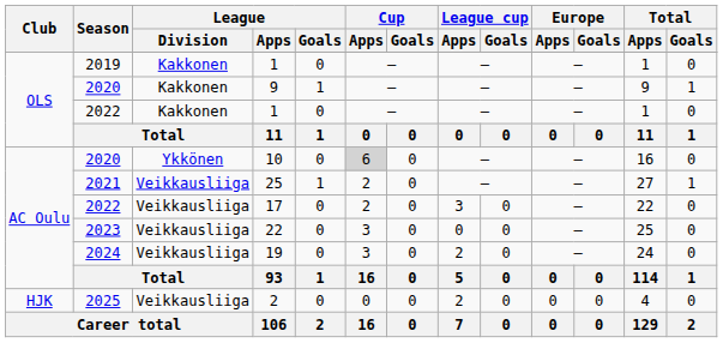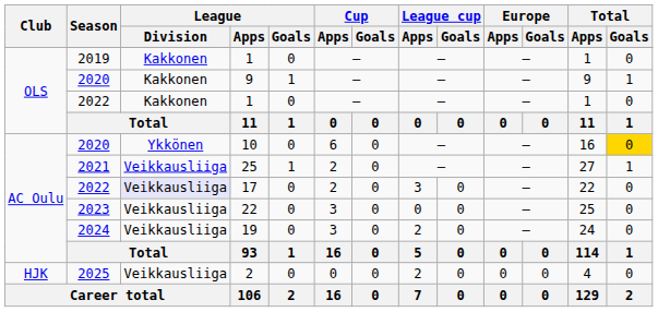 <table class="wikitable" style="text-align:center">
 <tr>
 <th rowspan="2">Club</th>
 <th rowspan="2">Season</th>
 <th colspan="3">League</th>
 <th colspan="2"><a href='#'>Cup</a></th>
 <th colspan="2"><a href='#'>League cup</a></th>
 <th colspan="2">Europe</th>
 <th colspan="2">Total</th>
 </tr>
 <tr>
 <th>Division</th>
 <th>Apps</th>
 <th>Goals</th>
 <th>Apps</th>
 <th>Goals</th>
 <th>Apps</th>
 <th>Goals</th>
 <th>Apps</th>
 <th>Goals</th>
 <th>Apps</th>
 <th>Goals</th>
 </tr>
 <tr>
 <td rowspan="5"><a href='#'>OLS</a></td>
 </tr>
 <tr>
 <td>2019</td>
 <td><a href='#'>Kakkonen</a></td>
 <td>1</td>
 <td>0</td>
 <td colspan="2">—</td>
 <td colspan="2">—</td>
 <td colspan="2">—</td>
 <td>1</td>
 <td>0</td>
 </tr>
 <tr>
 <td><a href='#'>2020</a></td>
 <td>Kakkonen</td>
 <td>9</td>
 <td>1</td>
 <td colspan="2">—</td>
 <td colspan="2">—</td>
 <td colspan="2">—</td>
 <td>9</td>
 <td>1</td>
 </tr>
 <tr>
 <td>2022</td>
 <td>Kakkonen</td>
 <td>1</td>
 <td>0</td>
 <td colspan="2">—</td>
 <td colspan="2">—</td>
 <td colspan="2">—</td>
 <td>1</td>
 <td>0</td>
 </tr>
 <tr>
 <th colspan="2">Total</th>
 <th>11</th>
 <th>1</th>
 <th>0</th>
 <th>0</th>
 <th>0</th>
 <th>0</th>
 <th>0</th>
 <th>0</th>
 <th>11</th>
 <th>1</th>
 </tr>
 <tr>
 <td rowspan="6"><a href='#'>AC Oulu</a></td>
 <td><a href='#'>2020</a></td>
 <td><a href='#'>Ykkönen</a></td>
 <td>10</td>
 <td>0</td>
-<td style="background: lightgrey;">6</td>
+<td>6</td>
 <td>0</td>
 <td colspan="2">—</td>
 <td colspan="2">—</td>
 <td>16</td>
-<td>0</td>
+<td style="background: gold;">0</td>
 </tr>
 <tr>
 <td><a href='#'>2021</a></td>
 <td><a href='#'>Veikkausliiga</a></td>
 <td>25</td>
 <td>1</td>
 <td>2</td>
 <td>0</td>
 <td colspan="2">—</td>
 <td colspan="2">—</td>
 <td>27</td>
 <td>1</td>
 </tr>
 <tr>
 <td><a href='#'>2022</a></td>
-<td>Veikkausliiga</td>
+<td style="background: lavender;">Veikkausliiga</td>
 <td>17</td>
 <td>0</td>
 <td>2</td>
 <td>0</td>
 <td>3</td>
 <td>0</td>
 <td colspan="2">—</td>
 <td>22</td>
 <td>0</td>
 </tr>
 <tr>
 <td><a href='#'>2023</a></td>
 <td>Veikkausliiga</td>
 <td>22</td>
 <td>0</td>
 <td>3</td>
 <td>0</td>
 <td>0</td>
 <td>0</td>
 <td colspan="2">—</td>
 <td>25</td>
 <td>0</td>
 </tr>
 <tr>
 <td><a href='#'>2024</a></td>
 <td>Veikkausliiga</td>
 <td>19</td>
 <td>0</td>
 <td>3</td>
 <td>0</td>
 <td>2</td>
 <td>0</td>
 <td colspan="2">—</td>
 <td>24</td>
 <td>0</td>
 </tr>
 <tr>
 <th colspan="2">Total</th>
 <th>93</th>
 <th>1</th>
 <th>16</th>
 <th>0</th>
 <th>5</th>
 <th>0</th>
 <th>0</th>
 <th>0</th>
 <th>114</th>
 <th>1</th>
 </tr>
 <tr>
 <td><a href='#'>HJK</a></td>
 <td><a href='#'>2025</a></td>
 <td>Veikkausliiga</td>
 <td>2</td>
 <td>0</td>
 <td>0</td>
 <td>0</td>
 <td>2</td>
 <td>0</td>
 <td>0</td>
 <td>0</td>
 <td>4</td>
 <td>0</td>
 </tr>
 <tr>
 <th colspan="3">Career total</th>
 <th>106</th>
 <th>2</th>
 <th>16</th>
 <th>0</th>
 <th>7</th>
 <th>0</th>
 <th>0</th>
 <th>0</th>
 <th>129</th>
 <th>2</th>
 </tr>
 </table>
